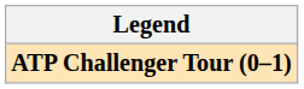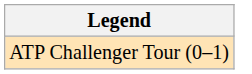 <table class=wikitable>
 <tr>
 <th>Legend</th>
 </tr>
 <tr style="background:moccasin">
-<td><strong>ATP Challenger Tour (0–1)</strong></td>
+<td>ATP Challenger Tour (0–1)</td>
 </tr>
 </table>
